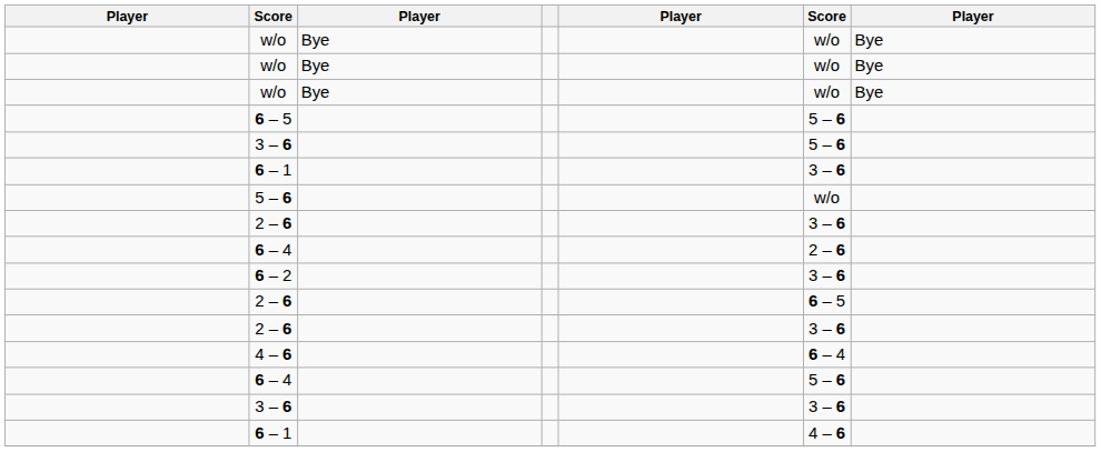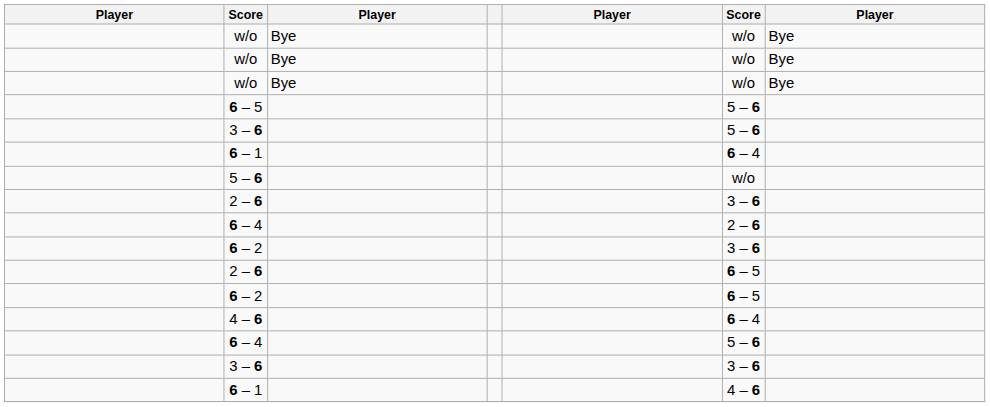 <table class="wikitable">
 <tr style="font-size:10pt;font-weight:bold">
 <th width=230>Player</th>
 <th width=40>Score</th>
 <th width=230>Player</th>
 <th width=10></th>
 <th width=230>Player</th>
 <th width=40>Score</th>
 <th width=230>Player</th>
 </tr>
 <tr>
 <td align=right></td>
 <td align=center>w/o</td>
 <td>Bye</td>
 <td></td>
 <td align=right></td>
 <td align=center>w/o</td>
 <td>Bye</td>
 </tr>
 <tr>
 <td align=right></td>
 <td align=center>w/o</td>
 <td>Bye</td>
 <td></td>
 <td align=right></td>
 <td align=center>w/o</td>
 <td>Bye</td>
 </tr>
 <tr>
 <td align=right></td>
 <td align=center>w/o</td>
 <td>Bye</td>
 <td></td>
 <td align=right></td>
 <td align=center>w/o</td>
 <td>Bye</td>
 </tr>
 <tr>
 <td align=right></td>
 <td align=center><strong>6</strong> – 5</td>
 <td></td>
 <td></td>
 <td align=right></td>
 <td align=center>5 – <strong>6</strong></td>
 <td></td>
 </tr>
 <tr>
 <td align=right></td>
 <td align=center>3 – <strong>6</strong></td>
 <td></td>
 <td></td>
 <td align=right></td>
 <td align=center>5 – <strong>6</strong></td>
 <td></td>
 </tr>
 <tr>
 <td align=right></td>
 <td align=center><strong>6</strong> – 1</td>
 <td></td>
 <td></td>
 <td align=right></td>
-<td align=center>3 – <strong>6</strong></td>
+<td align=center><strong>6</strong> – 4</td>
 <td></td>
 </tr>
 <tr>
 <td align=right></td>
 <td align=center>5 – <strong>6</strong></td>
 <td></td>
 <td></td>
 <td align=right></td>
 <td align=center>w/o</td>
 <td></td>
 </tr>
 <tr>
 <td align=right></td>
 <td align=center>2 – <strong>6</strong></td>
 <td></td>
 <td></td>
 <td align=right></td>
 <td align=center>3 – <strong>6</strong></td>
 <td></td>
 </tr>
 <tr>
 <td align=right></td>
 <td align=center><strong>6</strong> – 4</td>
 <td></td>
 <td></td>
 <td align=right></td>
 <td align=center>2 – <strong>6</strong></td>
 <td></td>
 </tr>
 <tr>
 <td align=right></td>
 <td align=center><strong>6</strong> – 2</td>
 <td></td>
 <td></td>
 <td align=right></td>
 <td align=center>3 – <strong>6</strong></td>
 <td></td>
 </tr>
 <tr>
 <td align=right></td>
 <td align=center>2 – <strong>6</strong></td>
 <td></td>
 <td></td>
 <td align=right></td>
 <td align=center><strong>6</strong> – 5</td>
 <td></td>
 </tr>
 <tr>
 <td align=right></td>
-<td align=center>2 – <strong>6</strong></td>
+<td align=center><strong>6</strong> – 2</td>
 <td></td>
 <td></td>
 <td align=right></td>
-<td align=center>3 – <strong>6</strong></td>
+<td align=center><strong>6</strong> – 5</td>
 <td></td>
 </tr>
 <tr>
 <td align=right></td>
 <td align=center>4 – <strong>6</strong></td>
 <td></td>
 <td></td>
 <td align=right></td>
 <td align=center><strong>6</strong> – 4</td>
 <td></td>
 </tr>
 <tr>
 <td align=right></td>
 <td align=center><strong>6</strong> – 4</td>
 <td></td>
 <td></td>
 <td align=right></td>
 <td align=center>5 – <strong>6</strong></td>
 <td></td>
 </tr>
 <tr>
 <td align=right></td>
 <td align=center>3 – <strong>6</strong></td>
 <td></td>
 <td></td>
 <td align=right></td>
 <td align=center>3 – <strong>6</strong></td>
 <td></td>
 </tr>
 <tr>
 <td align=right></td>
 <td align=center><strong>6</strong> – 1</td>
 <td></td>
 <td></td>
 <td align=right></td>
 <td align=center>4 – <strong>6</strong></td>
 <td></td>
 </tr>
 <tr>
 </tr>
 </table>
